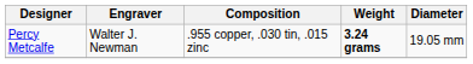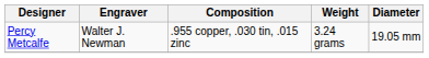 <table class="wikitable">
 <tr>
 <th>Designer</th>
 <th>Engraver</th>
 <th>Composition</th>
 <th>Weight</th>
 <th>Diameter</th>
 </tr>
 <tr>
 <td><a href='#'>Percy Metcalfe</a></td>
 <td>Walter J. Newman</td>
 <td>.955 copper, .030 tin, .015 zinc</td>
-<td><strong>3.24 grams</strong></td>
+<td>3.24 grams</td>
 <td>19.05 mm</td>
 </tr>
 <tr>
 </tr>
 </table>
